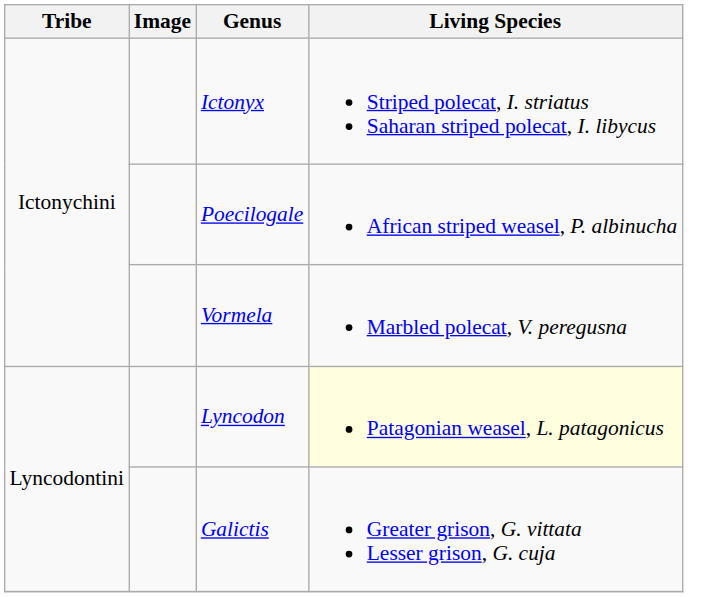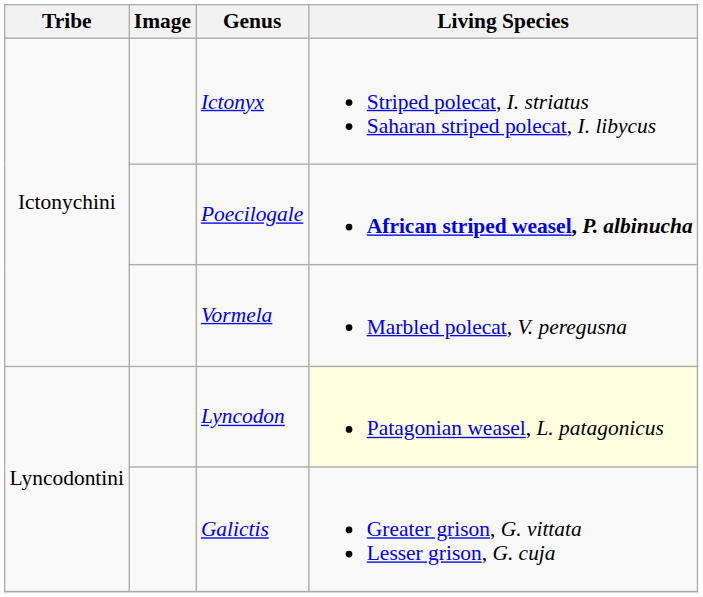 <table class="wikitable">
 <tr>
 <th>Tribe</th>
 <th>Image</th>
 <th>Genus</th>
 <th>Living Species</th>
 </tr>
 <tr>
 <td rowspan="3" style="text-align:center;">Ictonychini</td>
 <td></td>
 <td><em><a href='#'>Ictonyx</a></em> </td>
 <td><br><ul><li><a href='#'>Striped polecat</a>, <em>I. striatus</em></li><li><a href='#'>Saharan striped polecat</a>, <em>I. libycus</em></li></ul></td>
 </tr>
 <tr>
 <td></td>
 <td><em><a href='#'>Poecilogale</a></em> </td>
-<td><br><ul><li><a href='#'>African striped weasel</a>, <em>P. albinucha</em></li></ul></td>
+<td><strong><br><ul><li><a href='#'>African striped weasel</a>, <em>P. albinucha</em></li></ul></strong></td>
 </tr>
 <tr>
 <td></td>
 <td><em><a href='#'>Vormela</a></em> </td>
 <td><br><ul><li><a href='#'>Marbled polecat</a>, <em>V. peregusna</em></li></ul></td>
 </tr>
 <tr>
 <td rowspan="2" style="text-align:center;">Lyncodontini</td>
 <td></td>
 <td><em><a href='#'>Lyncodon</a></em> </td>
 <td style="background: lightyellow;"><br><ul><li><a href='#'>Patagonian weasel</a>, <em>L. patagonicus</em></li></ul></td>
 </tr>
 <tr>
 <td></td>
 <td><em><a href='#'>Galictis</a></em> </td>
 <td><br><ul><li><a href='#'>Greater grison</a>, <em>G. vittata</em></li><li><a href='#'>Lesser grison</a>, <em>G. cuja</em></li></ul></td>
 </tr>
 <tr>
 </tr>
 </table>
